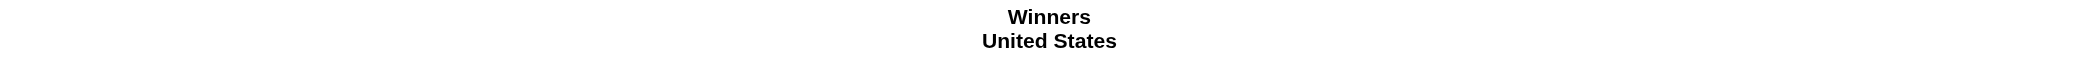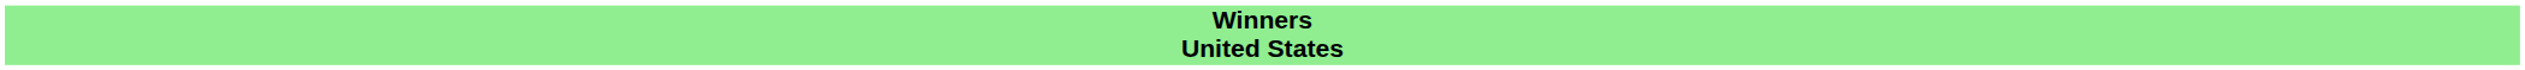 <table cellspacing=0 width=100%>
 <tr>
 <td align=center></td>
 </tr>
 <tr>
-<td align=center><strong>Winners<br>United States</strong></td>
+<td align=center style="background: lightgreen;"><strong>Winners<br>United States</strong></td>
 </tr>
 </table>
